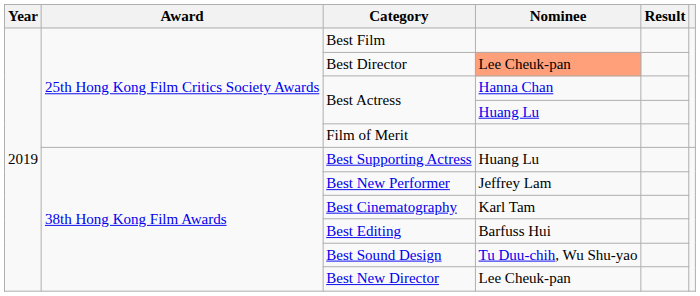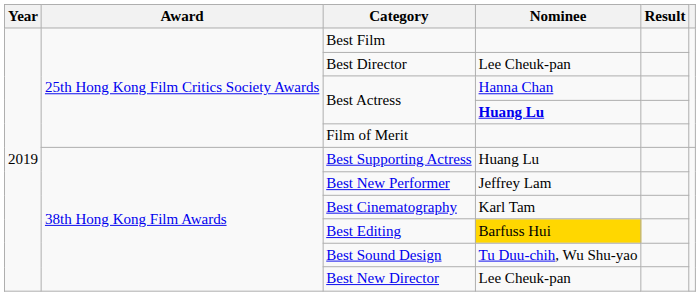 <table class="wikitable plainrowheaders">
 <tr>
 <th>Year</th>
 <th>Award</th>
 <th>Category</th>
 <th>Nominee</th>
 <th>Result</th>
 <th></th>
 </tr>
 <tr>
 <td rowspan="11">2019</td>
 <td rowspan="5"><a href='#'>25th Hong Kong Film Critics Society Awards</a></td>
 <td>Best Film</td>
 <td></td>
 <td></td>
 <td rowspan="5"></td>
 </tr>
 <tr>
 <td>Best Director</td>
-<td style="background: lightsalmon;">Lee Cheuk-pan</td>
+<td>Lee Cheuk-pan</td>
 <td></td>
 </tr>
 <tr>
 <td rowspan="2">Best Actress</td>
 <td><a href='#'>Hanna Chan</a></td>
 <td></td>
 </tr>
 <tr>
-<td><a href='#'>Huang Lu</a></td>
+<td><strong><a href='#'>Huang Lu</a></strong></td>
 <td></td>
 </tr>
 <tr>
 <td>Film of Merit</td>
 <td></td>
 <td></td>
 </tr>
 <tr>
 <td rowspan="6"><a href='#'>38th Hong Kong Film Awards</a></td>
 <td><a href='#'>Best Supporting Actress</a></td>
 <td>Huang Lu</td>
 <td></td>
 <td rowspan="6"></td>
 </tr>
 <tr>
 <td><a href='#'>Best New Performer</a></td>
 <td>Jeffrey Lam</td>
 <td></td>
 </tr>
 <tr>
 <td><a href='#'>Best Cinematography</a></td>
 <td>Karl Tam</td>
 <td></td>
 </tr>
 <tr>
 <td><a href='#'>Best Editing</a></td>
-<td>Barfuss Hui</td>
+<td style="background: gold;">Barfuss Hui</td>
 <td></td>
 </tr>
 <tr>
 <td><a href='#'>Best Sound Design</a></td>
 <td><a href='#'>Tu Duu-chih</a>, Wu Shu-yao</td>
 <td></td>
 </tr>
 <tr>
 <td><a href='#'>Best New Director</a></td>
 <td>Lee Cheuk-pan</td>
 <td></td>
 </tr>
 </table>
